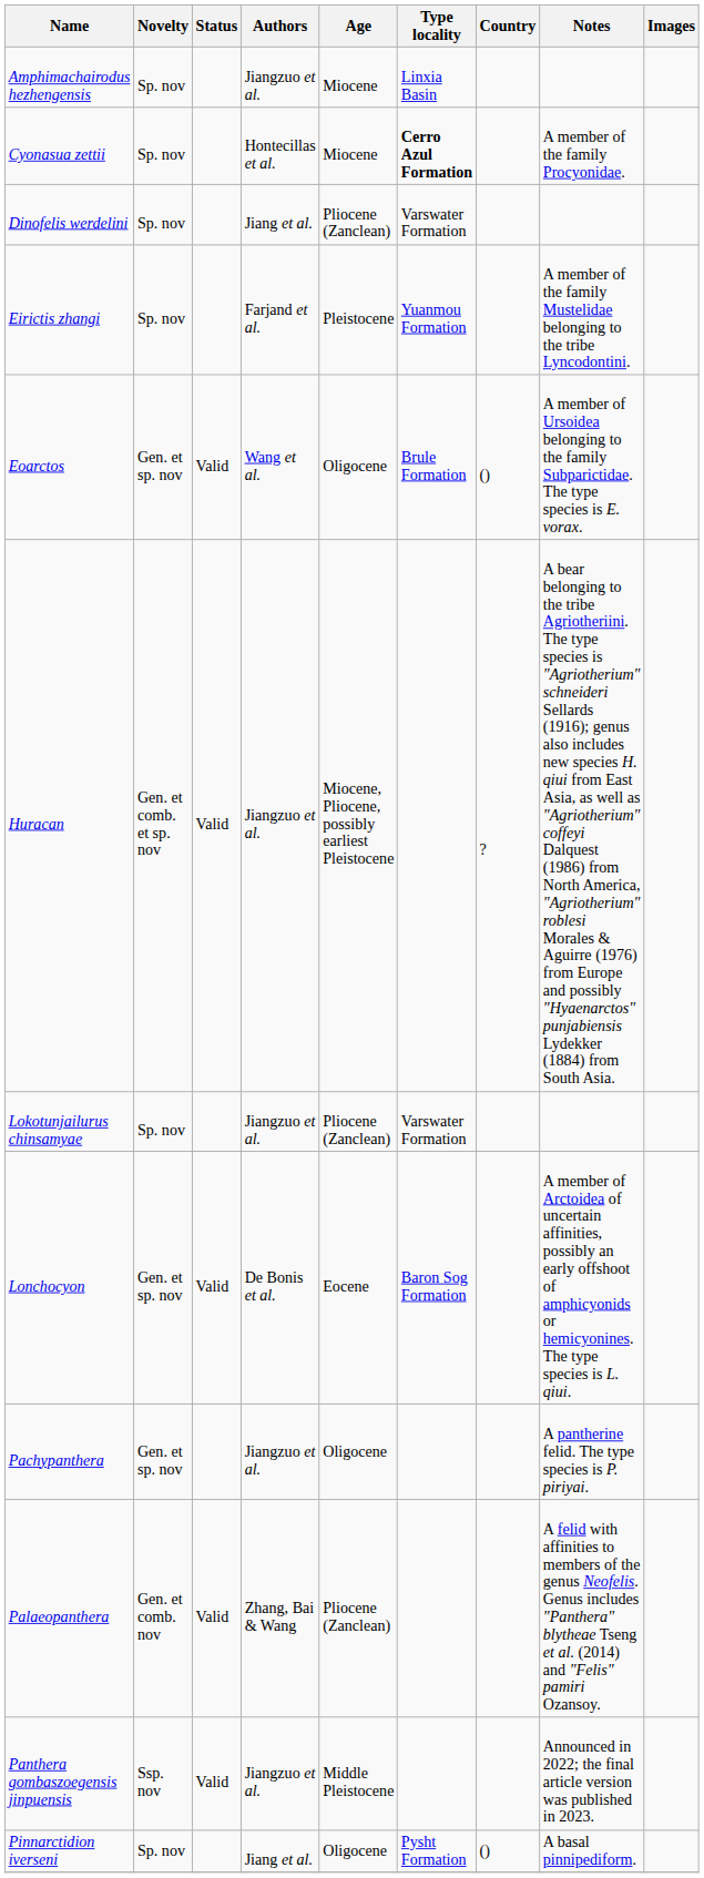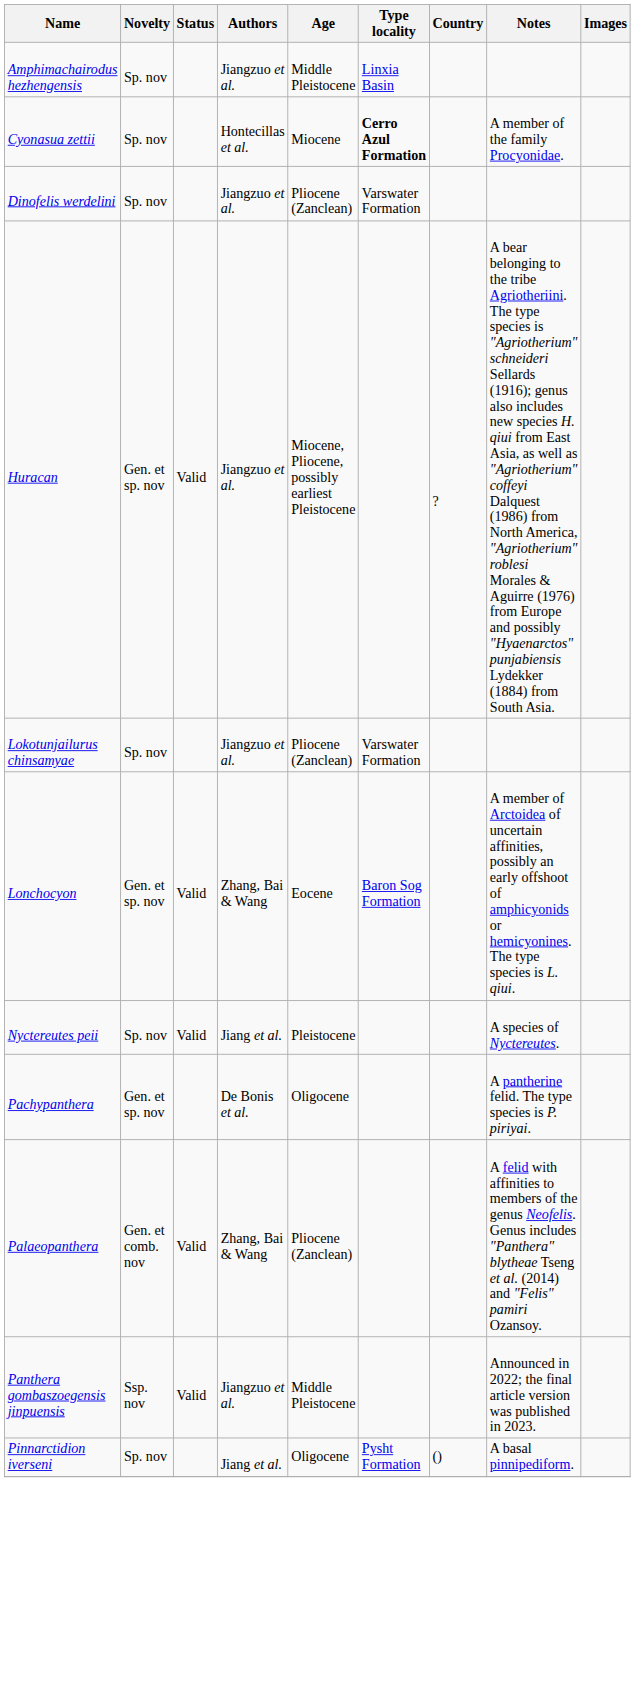 <table class="wikitable sortable" align="center" width="100%">
 <tr>
 <th>Name</th>
 <th>Novelty</th>
 <th>Status</th>
 <th>Authors</th>
 <th>Age</th>
 <th>Type locality</th>
 <th>Country</th>
 <th>Notes</th>
 <th>Images</th>
 </tr>
 <tr>
 <td><br><em><a href='#'>Amphimachairodus hezhengensis</a></em></td>
 <td><br>Sp. nov</td>
 <td></td>
 <td><br>Jiangzuo <em>et al.</em></td>
-<td><br>Miocene</td>
+<td><br>Middle Pleistocene</td>
 <td><br><a href='#'>Linxia Basin</a></td>
 <td><br></td>
 <td></td>
 <td></td>
 </tr>
 <tr>
 <td><br><em><a href='#'>Cyonasua zettii</a></em></td>
 <td><br>Sp. nov</td>
 <td></td>
 <td><br>Hontecillas <em>et al.</em></td>
 <td><br>Miocene</td>
 <td><strong><br>Cerro Azul Formation</strong></td>
 <td><br></td>
 <td><br>A member of the family <a href='#'>Procyonidae</a>.</td>
 <td></td>
 </tr>
 <tr>
 <td><br><em><a href='#'>Dinofelis werdelini</a></em></td>
 <td><br>Sp. nov</td>
 <td></td>
-<td><br>Jiang <em>et al.</em></td>
+<td><br>Jiangzuo <em>et al.</em></td>
 <td><br>Pliocene (Zanclean)</td>
 <td><br>Varswater Formation</td>
 <td><br></td>
 <td></td>
 <td></td>
 </tr>
 <tr>
-<td><br><em><a href='#'>Eirictis zhangi</a></em></td>
-<td><br>Sp. nov</td>
-<td></td>
-<td><br>Farjand <em>et al.</em></td>
-<td><br>Pleistocene</td>
-<td><br><a href='#'>Yuanmou Formation</a></td>
-<td><br></td>
-<td><br>A member of the family <a href='#'>Mustelidae</a> belonging to the tribe <a href='#'>Lyncodontini</a>.</td>
-<td></td>
-</tr>
-<tr>
-<td><br><em><a href='#'>Eoarctos</a></em></td>
+<td><br><em><a href='#'>Huracan</a></em></td>
 <td><br>Gen. et sp. nov</td>
-<td><br>Valid</td>
-<td><br><a href='#'>Wang</a> <em>et al.</em></td>
-<td><br>Oligocene</td>
-<td><br><a href='#'>Brule Formation</a></td>
-<td><br><br>()</td>
-<td><br>A member of <a href='#'>Ursoidea</a> belonging to the family <a href='#'>Subparictidae</a>. The type species is <em>E. vorax</em>.</td>
-<td></td>
-</tr>
-<tr>
-<td><br><em><a href='#'>Huracan</a></em></td>
-<td><br>Gen. et comb. et sp. nov</td>
 <td><br>Valid</td>
 <td><br>Jiangzuo <em>et al.</em></td>
 <td><br>Miocene, Pliocene, possibly earliest Pleistocene</td>
 <td></td>
 <td><br><br> <br> <br> ?</td>
 <td><br>A bear belonging to the tribe <a href='#'>Agriotheriini</a>. The type species is <em>"Agriotherium" schneideri</em> Sellards (1916); genus also includes new species <em>H. qiui</em> from East Asia, as well as <em>"Agriotherium" coffeyi</em> Dalquest (1986) from North America, <em>"Agriotherium" roblesi</em> Morales & Aguirre (1976) from Europe and possibly <em>"Hyaenarctos" punjabiensis</em> Lydekker (1884) from South Asia.</td>
 <td></td>
 </tr>
 <tr>
 <td><br><em><a href='#'>Lokotunjailurus chinsamyae</a></em></td>
 <td><br>Sp. nov</td>
 <td></td>
 <td><br>Jiangzuo <em>et al.</em></td>
 <td><br>Pliocene (Zanclean)</td>
 <td><br>Varswater Formation</td>
 <td><br></td>
 <td></td>
 <td></td>
 </tr>
 <tr>
 <td><br><em><a href='#'>Lonchocyon</a></em></td>
 <td><br>Gen. et sp. nov</td>
 <td><br>Valid</td>
-<td><br>De Bonis <em>et al.</em></td>
+<td><br>Zhang, Bai & Wang</td>
 <td><br>Eocene</td>
 <td><br><a href='#'>Baron Sog Formation</a></td>
 <td><br></td>
 <td><br>A member of <a href='#'>Arctoidea</a> of uncertain affinities, possibly an early offshoot of <a href='#'>amphicyonids</a> or <a href='#'>hemicyonines</a>. The type species is <em>L. qiui</em>.</td>
 <td></td>
 </tr>
 <tr>
+<td><br><em><a href='#'>Nyctereutes peii</a></em></td>
+<td><br>Sp. nov</td>
+<td><br>Valid</td>
+<td><br>Jiang <em>et al.</em></td>
+<td><br>Pleistocene</td>
+<td></td>
+<td><br></td>
+<td><br>A species of <em><a href='#'>Nyctereutes</a></em>.</td>
+<td></td>
+</tr>
+<tr>
 <td><br><em><a href='#'>Pachypanthera</a></em></td>
 <td><br>Gen. et sp. nov</td>
 <td></td>
-<td><br>Jiangzuo <em>et al.</em></td>
+<td><br>De Bonis <em>et al.</em></td>
 <td>Oligocene</td>
 <td></td>
 <td><br></td>
 <td><br>A <a href='#'>pantherine</a> felid. The type species is <em>P. piriyai</em>.</td>
 <td></td>
 </tr>
 <tr>
 <td><br><em><a href='#'>Palaeopanthera</a></em></td>
 <td><br>Gen. et comb. nov</td>
 <td><br>Valid</td>
 <td><br>Zhang, Bai & Wang</td>
 <td><br>Pliocene (Zanclean)</td>
 <td></td>
 <td><br><br> </td>
 <td><br>A <a href='#'>felid</a> with affinities to members of the genus <em><a href='#'>Neofelis</a></em>. Genus includes <em>"Panthera" blytheae</em> Tseng <em>et al.</em> (2014) and <em>"Felis" pamiri</em> Ozansoy.</td>
 <td></td>
 </tr>
 <tr>
 <td><br><em><a href='#'>Panthera gombaszoegensis jinpuensis</a></em></td>
 <td><br>Ssp. nov</td>
 <td><br>Valid</td>
 <td><br>Jiangzuo <em>et al.</em></td>
 <td><br>Middle Pleistocene</td>
 <td></td>
 <td><br></td>
 <td><br>Announced in 2022; the final article version was published in 2023.</td>
 <td></td>
 </tr>
 <tr>
 <td><a href='#'><em>Pinnarctidion iverseni</em></a></td>
 <td>Sp. nov</td>
 <td></td>
 <td><br>Jiang <em>et al.</em></td>
 <td>Oligocene</td>
 <td><a href='#'>Pysht Formation</a></td>
 <td> ()</td>
 <td>A basal <a href='#'>pinnipediform</a>.</td>
 <td></td>
 </tr>
 <tr>
 </tr>
 </table>
